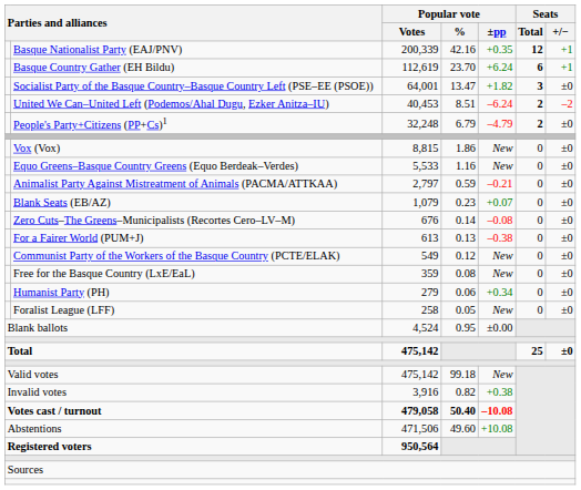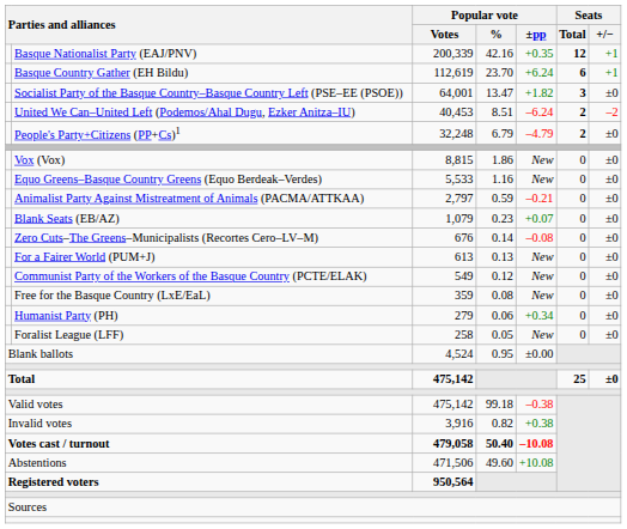 <table class="wikitable" style="text-align:right;">
 <tr>
 <th style="text-align:left;" rowspan="2" colspan="2" width="525">Parties and alliances</th>
 <th colspan="3">Popular vote</th>
 <th colspan="2">Seats</th>
 </tr>
 <tr>
 <th width="75">Votes</th>
 <th width="45">%</th>
 <th width="45">±<a href='#'>pp</a></th>
 <th width="35">Total</th>
 <th width="35">+/−</th>
 </tr>
 <tr>
 <td width="1" style="color:inherit;background:"></td>
 <td align="left"><a href='#'>Basque Nationalist Party</a> (EAJ/PNV)</td>
 <td>200,339</td>
 <td>42.16</td>
 <td style="color:green;">+0.35</td>
 <td><strong>12</strong></td>
 <td style="color:green;">+1</td>
 </tr>
 <tr>
 <td style="color:inherit;background:"></td>
 <td align="left"><a href='#'>Basque Country Gather</a> (EH Bildu)</td>
 <td>112,619</td>
 <td>23.70</td>
 <td style="color:green;">+6.24</td>
 <td><strong>6</strong></td>
 <td style="color:green;">+1</td>
 </tr>
 <tr>
 <td style="color:inherit;background:"></td>
 <td align="left"><a href='#'>Socialist Party of the Basque Country–Basque Country Left</a> (PSE–EE (PSOE))</td>
 <td>64,001</td>
 <td>13.47</td>
 <td style="color:green;">+1.82</td>
 <td><strong>3</strong></td>
 <td>±0</td>
 </tr>
 <tr>
 <td style="color:inherit;background:"></td>
 <td align="left"><a href='#'>United We Can–United Left</a> (<a href='#'>Podemos/Ahal Dugu</a>, <a href='#'>Ezker Anitza–IU</a>)</td>
 <td>40,453</td>
 <td>8.51</td>
 <td style="color:red;">–6.24</td>
 <td><strong>2</strong></td>
 <td style="color:red;">–2</td>
 </tr>
 <tr>
 <td style="color:inherit;background:"></td>
 <td align="left"><a href='#'>People's Party+Citizens</a> (<a href='#'>PP</a>+<a href='#'>Cs</a>)<sup>1</sup></td>
 <td>32,248</td>
 <td>6.79</td>
 <td style="color:red;">–4.79</td>
 <td><strong>2</strong></td>
 <td>±0</td>
 </tr>
 <tr>
 <td colspan="7" bgcolor="#C0C0C0"></td>
 </tr>
 <tr>
 <td style="color:inherit;background:"></td>
 <td align="left"><a href='#'>Vox</a> (Vox)</td>
 <td>8,815</td>
 <td>1.86</td>
 <td><em>New</em></td>
 <td>0</td>
 <td>±0</td>
 </tr>
 <tr>
 <td style="color:inherit;background:"></td>
 <td align="left"><a href='#'>Equo Greens–Basque Country Greens</a> (Equo Berdeak–Verdes)</td>
 <td>5,533</td>
 <td>1.16</td>
 <td><em>New</em></td>
 <td>0</td>
 <td>±0</td>
 </tr>
 <tr>
 <td style="color:inherit;background:"></td>
 <td align="left"><a href='#'>Animalist Party Against Mistreatment of Animals</a> (PACMA/ATTKAA)</td>
 <td>2,797</td>
 <td>0.59</td>
 <td style="color:red;">–0.21</td>
 <td>0</td>
 <td>±0</td>
 </tr>
 <tr>
 <td style="color:inherit;background:"></td>
 <td align="left"><a href='#'>Blank Seats</a> (EB/AZ)</td>
 <td>1,079</td>
 <td>0.23</td>
 <td style="color:green;">+0.07</td>
 <td>0</td>
 <td>±0</td>
 </tr>
 <tr>
 <td style="color:inherit;background:"></td>
 <td align="left"><a href='#'>Zero Cuts</a>–<a href='#'>The Greens</a>–Municipalists (Recortes Cero–LV–M)</td>
 <td>676</td>
 <td>0.14</td>
 <td style="color:red;">–0.08</td>
 <td>0</td>
 <td>±0</td>
 </tr>
 <tr>
 <td style="color:inherit;background:"></td>
 <td align="left"><a href='#'>For a Fairer World</a> (PUM+J)</td>
 <td>613</td>
 <td>0.13</td>
-<td style="color:red;">–0.38</td>
+<td><em>New</em></td>
 <td>0</td>
 <td>±0</td>
 </tr>
 <tr>
 <td style="color:inherit;background:"></td>
 <td align="left"><a href='#'>Communist Party of the Workers of the Basque Country</a> (PCTE/ELAK)</td>
 <td>549</td>
 <td>0.12</td>
 <td><em>New</em></td>
 <td>0</td>
 <td>±0</td>
 </tr>
 <tr>
 <td style="color:inherit;background:"></td>
 <td align="left">Free for the Basque Country (LxE/EaL)</td>
 <td>359</td>
 <td>0.08</td>
 <td><em>New</em></td>
 <td>0</td>
 <td>±0</td>
 </tr>
 <tr>
 <td style="color:inherit;background:"></td>
 <td align="left"><a href='#'>Humanist Party</a> (PH)</td>
 <td>279</td>
 <td>0.06</td>
 <td style="color:green;">+0.34</td>
 <td>0</td>
 <td>±0</td>
 </tr>
 <tr>
 <td style="color:inherit;background:"></td>
 <td align="left">Foralist League (LFF)</td>
 <td>258</td>
 <td>0.05</td>
 <td><em>New</em></td>
 <td>0</td>
 <td>±0</td>
 </tr>
 <tr>
 <td align="left" colspan="2">Blank ballots</td>
 <td>4,524</td>
 <td>0.95</td>
 <td>±0.00</td>
 <td bgcolor="#E9E9E9" colspan="2"></td>
 </tr>
 <tr>
 <td colspan="7" bgcolor="#E9E9E9"></td>
 </tr>
 <tr style="font-weight:bold;">
 <td align="left" colspan="2">Total</td>
 <td>475,142</td>
 <td bgcolor="#E9E9E9" colspan="2"></td>
 <td>25</td>
 <td>±0</td>
 </tr>
 <tr>
 <td colspan="7" bgcolor="#E9E9E9"></td>
 </tr>
 <tr>
 <td align="left" colspan="2">Valid votes</td>
 <td>475,142</td>
 <td>99.18</td>
-<td><em>New</em></td>
+<td style="color:red;">–0.38</td>
 <td bgcolor="#E9E9E9" colspan="2" rowspan="5"></td>
 </tr>
 <tr>
 <td align="left" colspan="2">Invalid votes</td>
 <td>3,916</td>
 <td>0.82</td>
 <td style="color:green;">+0.38</td>
 </tr>
 <tr style="font-weight:bold;">
 <td align="left" colspan="2">Votes cast / turnout</td>
 <td>479,058</td>
 <td>50.40</td>
 <td style="color:red;">–10.08</td>
 </tr>
 <tr>
 <td align="left" colspan="2">Abstentions</td>
 <td>471,506</td>
 <td>49.60</td>
 <td style="color:green;">+10.08</td>
 </tr>
 <tr style="font-weight:bold;">
 <td align="left" colspan="2">Registered voters</td>
 <td>950,564</td>
 <td bgcolor="#E9E9E9" colspan="2"></td>
 </tr>
 <tr>
 <td colspan="7" bgcolor="#E9E9E9"></td>
 </tr>
 <tr>
 <td align="left" colspan="7">Sources</td>
 </tr>
 <tr>
 <td colspan="7" style="text-align:left; max-width:790px;"></td>
 </tr>
 </table>
